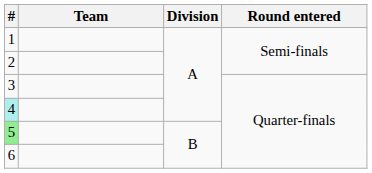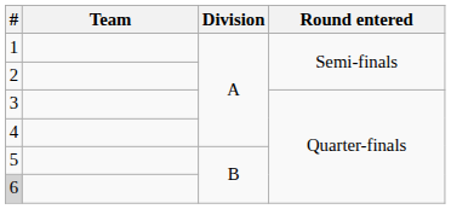 <table class="wikitable" style="text-align: center; font-size: 100%;">
 <tr>
 <th>#</th>
 <th width=150>Team</th>
 <th>Division</th>
 <th width=150>Round entered</th>
 </tr>
 <tr>
 <td>1</td>
 <td align=left></td>
 <td rowspan=4>A</td>
 <td rowspan=2>Semi-finals</td>
 </tr>
 <tr>
 <td>2</td>
 <td align=left></td>
 </tr>
 <tr>
 <td>3</td>
 <td align=left></td>
 <td rowspan=4>Quarter-finals</td>
 </tr>
 <tr>
-<td style="background: paleturquoise;">4</td>
+<td>4</td>
 <td align=left></td>
 </tr>
 <tr>
-<td style="background: lightgreen;">5</td>
+<td>5</td>
 <td align=left></td>
 <td rowspan=2>B</td>
 </tr>
 <tr>
-<td>6</td>
+<td style="background: lightgrey;">6</td>
 <td align=left></td>
 </tr>
 </table>
